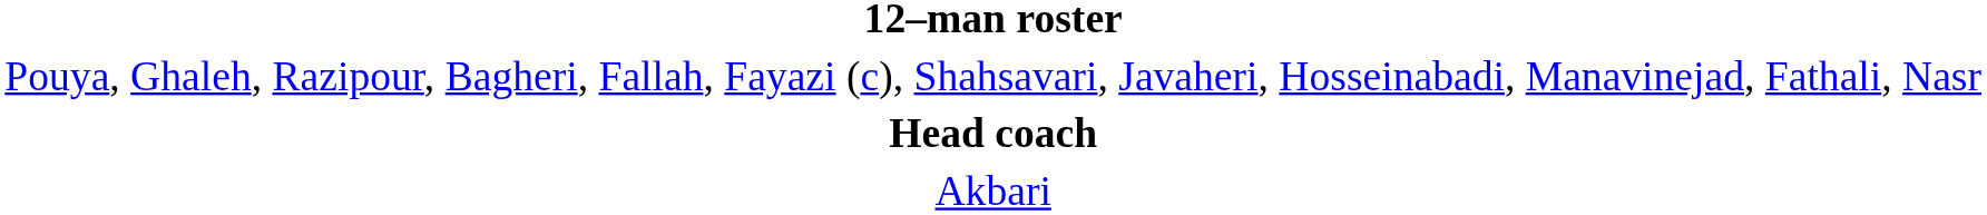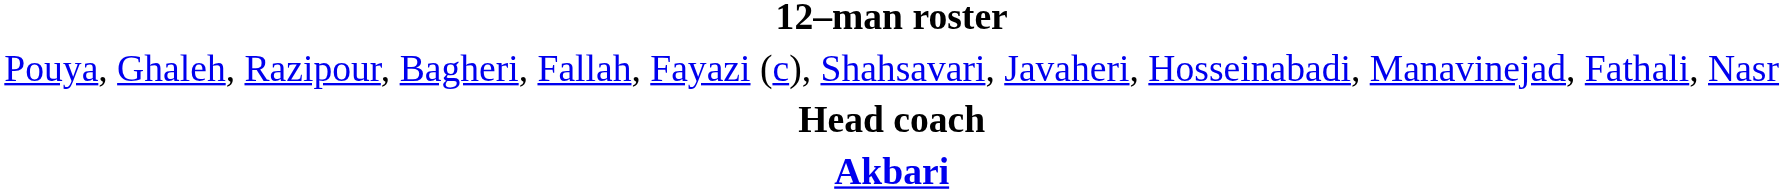 <table style="text-align: center; margin-top: 2em; margin-left: auto; margin-right: auto">
 <tr>
 <td><strong>12–man roster</strong></td>
 </tr>
 <tr>
 <td><a href='#'>Pouya</a>, <a href='#'>Ghaleh</a>, <a href='#'>Razipour</a>, <a href='#'>Bagheri</a>, <a href='#'>Fallah</a>, <a href='#'>Fayazi</a> (<a href='#'>c</a>), <a href='#'>Shahsavari</a>, <a href='#'>Javaheri</a>, <a href='#'>Hosseinabadi</a>, <a href='#'>Manavinejad</a>, <a href='#'>Fathali</a>, <a href='#'>Nasr</a></td>
 </tr>
 <tr>
 <td><strong>Head coach</strong></td>
 </tr>
 <tr>
-<td><a href='#'>Akbari</a></td>
+<td><strong><a href='#'>Akbari</a></strong></td>
 </tr>
 </table>
